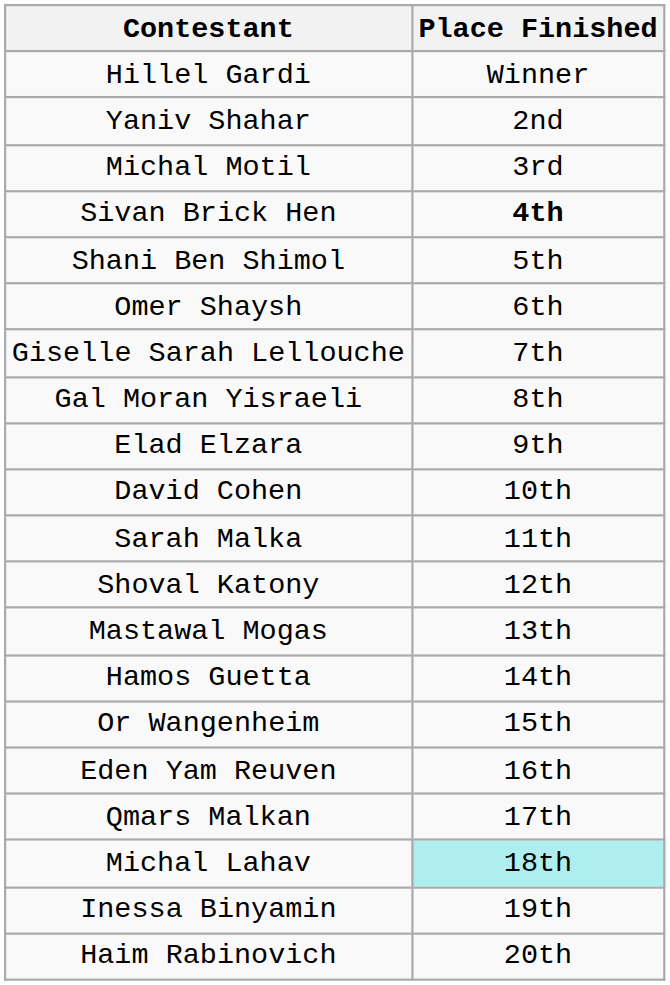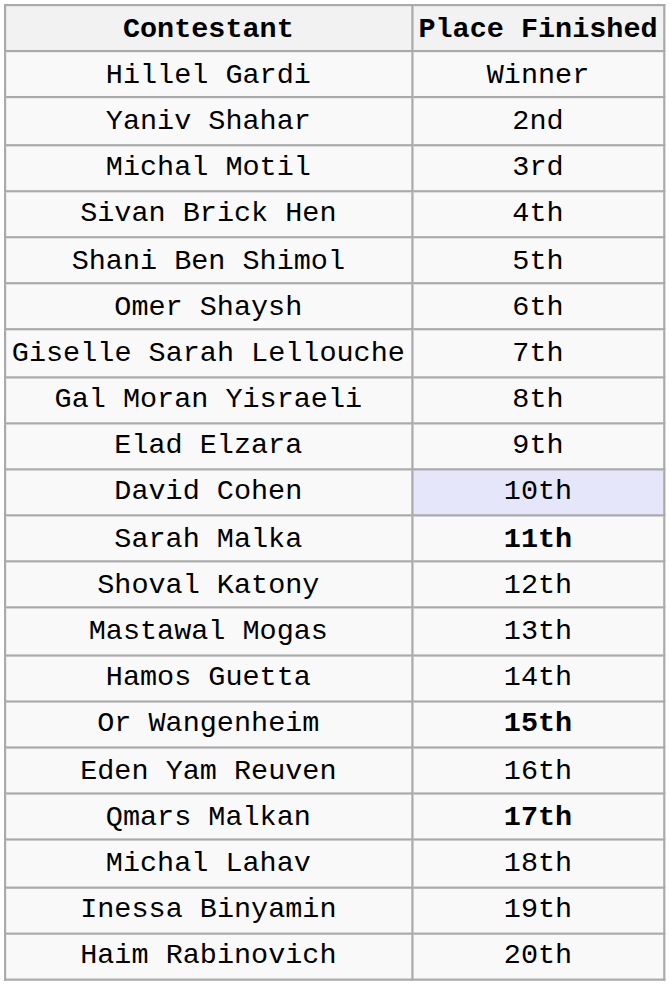 <table class="wikitable" style="text-align:center">
 <tr>
 <th>Contestant</th>
 <th>Place Finished</th>
 </tr>
 <tr>
 <td>Hillel Gardi</td>
 <td>Winner</td>
 </tr>
 <tr>
 <td>Yaniv Shahar</td>
 <td>2nd</td>
 </tr>
 <tr>
 <td>Michal Motil</td>
 <td>3rd</td>
 </tr>
 <tr>
 <td>Sivan Brick Hen</td>
-<td><strong>4th</strong></td>
+<td>4th</td>
 </tr>
 <tr>
 <td>Shani Ben Shimol</td>
 <td>5th</td>
 </tr>
 <tr>
 <td>Omer Shaysh</td>
 <td>6th</td>
 </tr>
 <tr>
 <td>Giselle Sarah Lellouche</td>
 <td>7th</td>
 </tr>
 <tr>
 <td>Gal Moran Yisraeli</td>
 <td>8th</td>
 </tr>
 <tr>
 <td>Elad Elzara</td>
 <td>9th</td>
 </tr>
 <tr>
 <td>David Cohen</td>
-<td>10th</td>
+<td style="background: lavender;">10th</td>
 </tr>
 <tr>
 <td>Sarah Malka</td>
-<td>11th</td>
+<td><strong>11th</strong></td>
 </tr>
 <tr>
 <td>Shoval Katony</td>
 <td>12th</td>
 </tr>
 <tr>
 <td>Mastawal Mogas</td>
 <td>13th</td>
 </tr>
 <tr>
 <td>Hamos Guetta</td>
 <td>14th</td>
 </tr>
 <tr>
 <td>Or Wangenheim</td>
-<td>15th</td>
+<td><strong>15th</strong></td>
 </tr>
 <tr>
 <td>Eden Yam Reuven</td>
 <td>16th</td>
 </tr>
 <tr>
 <td>Qmars Malkan</td>
-<td>17th</td>
+<td><strong>17th</strong></td>
 </tr>
 <tr>
 <td>Michal Lahav</td>
-<td style="background: paleturquoise;">18th</td>
+<td>18th</td>
 </tr>
 <tr>
 <td>Inessa Binyamin</td>
 <td>19th</td>
 </tr>
 <tr>
 <td>Haim Rabinovich</td>
 <td>20th</td>
 </tr>
 </table>
